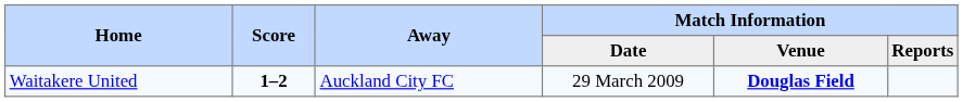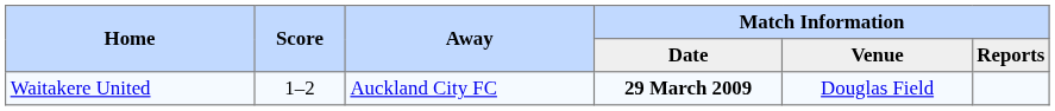 <table border=1 style="border-collapse:collapse; font-size:90%; text-align:center;" cellpadding=3 cellspacing=0 width=85%>
 <tr bgcolor=#C1D9FF>
 <th rowspan=2 width=25%>Home</th>
 <th rowspan=2 width=9%>Score</th>
 <th rowspan=2 width=25%>Away</th>
 <th colspan=9>Match Information</th>
 </tr>
 <tr bgcolor=#EFEFEF>
 <th width=19%>Date</th>
 <th width=19%>Venue</th>
 <th width=10%>Reports</th>
 </tr>
 <tr bgcolor=#F5FAFF>
 <td align=left> <a href='#'>Waitakere United</a></td>
-<td><strong>1–2</strong></td>
+<td>1–2</td>
 <td align=left> <a href='#'>Auckland City FC</a></td>
-<td>29 March 2009</td>
-<td><strong><a href='#'>Douglas Field</a></strong></td>
+<td><strong>29 March 2009</strong></td>
+<td><a href='#'>Douglas Field</a></td>
 <td></td>
 </tr>
 </table>
